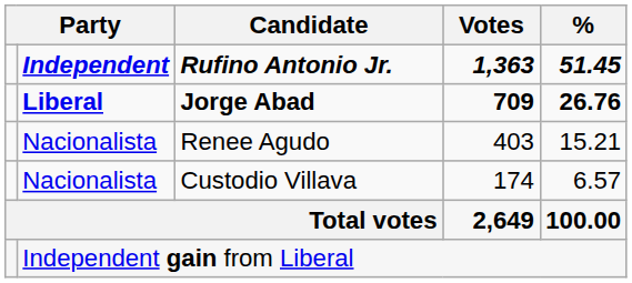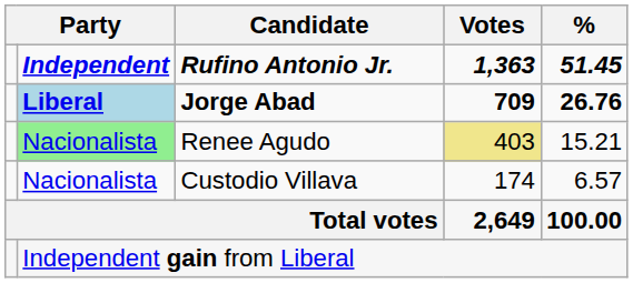 <table class="wikitable" style="font-size:90%; text-align:right;">
 <tr>
 <th colspan="2" style="width:75px;">Party</th>
 <th style="width:150px;">Candidate</th>
 <th style="width:50px;">Votes</th>
 <th style="width:10px;">%</th>
 </tr>
 <tr>
 <td style="background:"></td>
 <td style="text-align:left;"><strong><em><a href='#'>Independent</a></em></strong></td>
 <td style="text-align:left;"><strong><em>Rufino Antonio Jr.</em></strong></td>
 <td><strong><em>1,363</em></strong></td>
 <td><strong><em>51.45</em></strong></td>
 </tr>
 <tr>
 <td style="background:"></td>
-<td style="text-align:left;"><strong><a href='#'>Liberal</a></strong></td>
+<td style="background: lightblue; text-align:left;"><strong><a href='#'>Liberal</a></strong></td>
 <td style="text-align:left;"><strong>Jorge Abad</strong></td>
 <td><strong>709</strong></td>
 <td><strong>26.76</strong></td>
 </tr>
 <tr>
 <td style="background:"></td>
-<td style="text-align:left;"><a href='#'>Nacionalista</a></td>
+<td style="background: lightgreen; text-align:left;"><a href='#'>Nacionalista</a></td>
 <td style="text-align:left;">Renee Agudo</td>
-<td>403</td>
+<td style="background: khaki;">403</td>
 <td>15.21</td>
 </tr>
 <tr>
 <td style="background:"></td>
 <td style="text-align:left;"><a href='#'>Nacionalista</a></td>
 <td style="text-align:left;">Custodio Villava</td>
 <td>174</td>
 <td>6.57</td>
 </tr>
 <tr style="background-color:#F6F6F6">
 <th colspan="3" style="text-align:right;">Total votes</th>
 <td><strong>2,649</strong></td>
 <td><strong>100.00</strong></td>
 </tr>
 <tr style="background-color:#F6F6F6">
 <td style="background:"></td>
 <td colspan="4" style="text-align:left;"><a href='#'>Independent</a> <strong>gain</strong> from <a href='#'>Liberal</a></td>
 </tr>
 </table>
